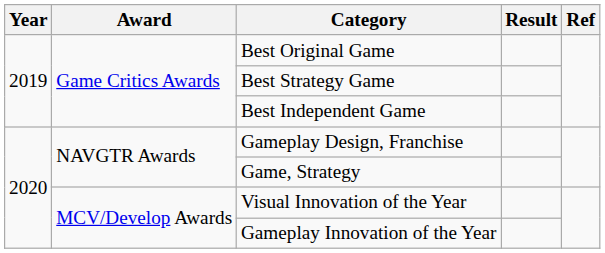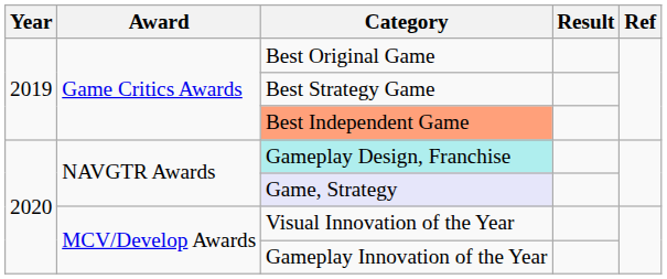 <table class="wikitable sortable">
 <tr>
 <th>Year</th>
 <th>Award</th>
 <th>Category</th>
 <th>Result</th>
 <th>Ref</th>
 </tr>
 <tr>
 <td style="text-align:center;" rowspan="3">2019</td>
 <td rowspan="3"><a href='#'>Game Critics Awards</a></td>
 <td>Best Original Game</td>
 <td></td>
 <td rowspan="3" style="text-align:center;"></td>
 </tr>
 <tr>
 <td>Best Strategy Game</td>
 <td></td>
 </tr>
 <tr>
-<td>Best Independent Game</td>
+<td style="background: lightsalmon;">Best Independent Game</td>
 <td></td>
 </tr>
 <tr>
 <td style="text-align:center;" rowspan="4">2020</td>
 <td rowspan="2">NAVGTR Awards</td>
-<td>Gameplay Design, Franchise</td>
+<td style="background: paleturquoise;">Gameplay Design, Franchise</td>
 <td></td>
 <td rowspan="2" style="text-align:center;"></td>
 </tr>
 <tr>
-<td>Game, Strategy</td>
+<td style="background: lavender;">Game, Strategy</td>
 <td></td>
 </tr>
 <tr>
 <td rowspan="2"><a href='#'>MCV/Develop</a> Awards</td>
 <td>Visual Innovation of the Year</td>
 <td></td>
 <td rowspan="2" style="text-align:center;"></td>
 </tr>
 <tr>
 <td>Gameplay Innovation of the Year</td>
 <td></td>
 </tr>
 </table>
